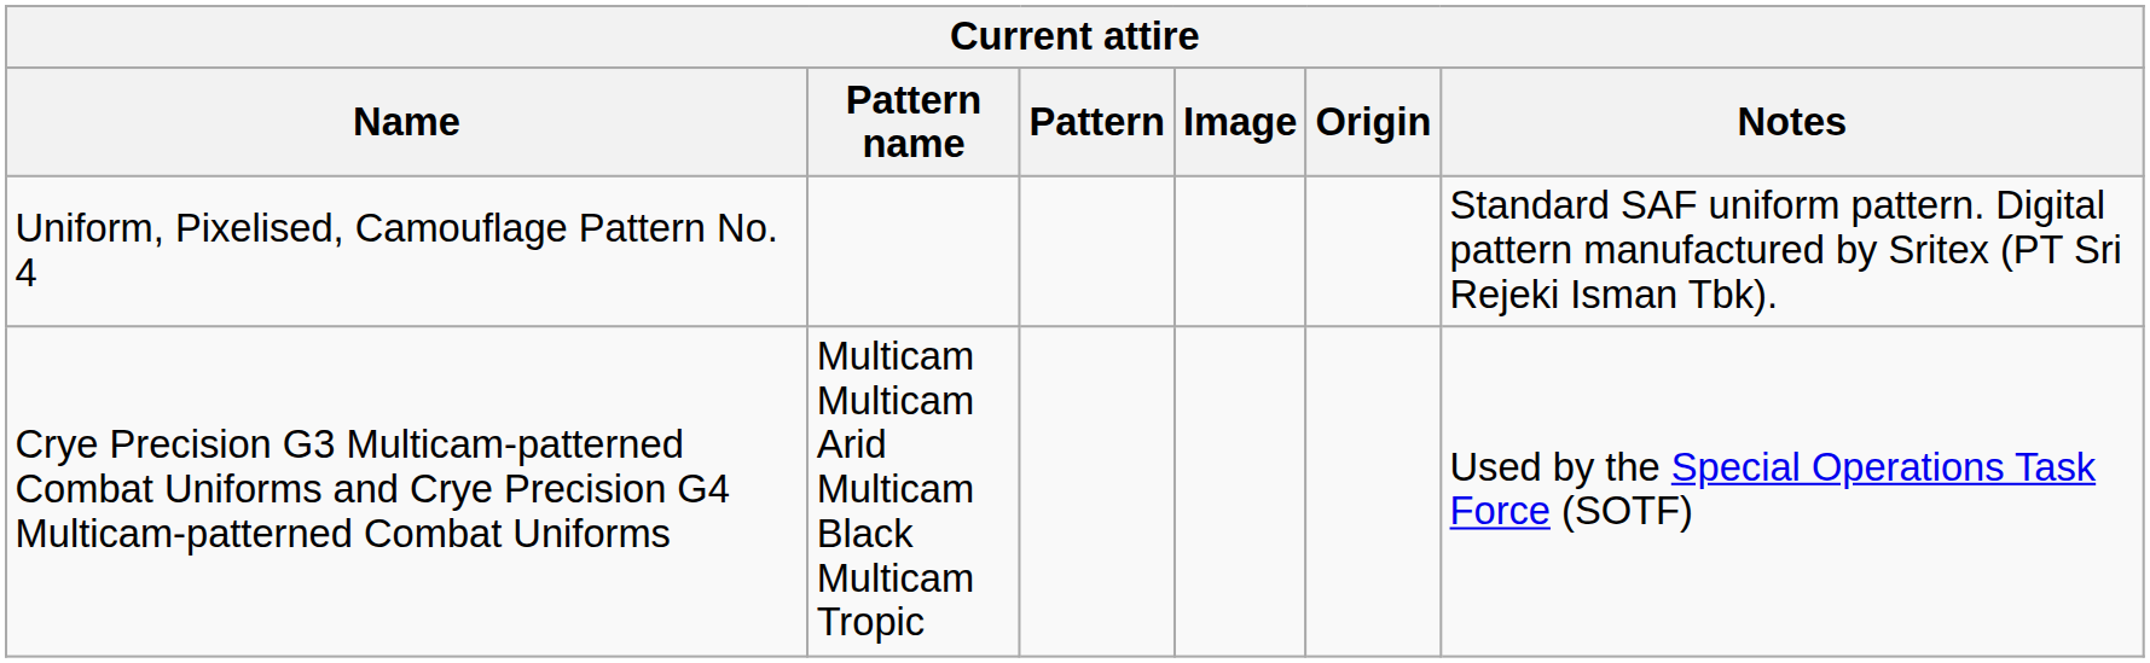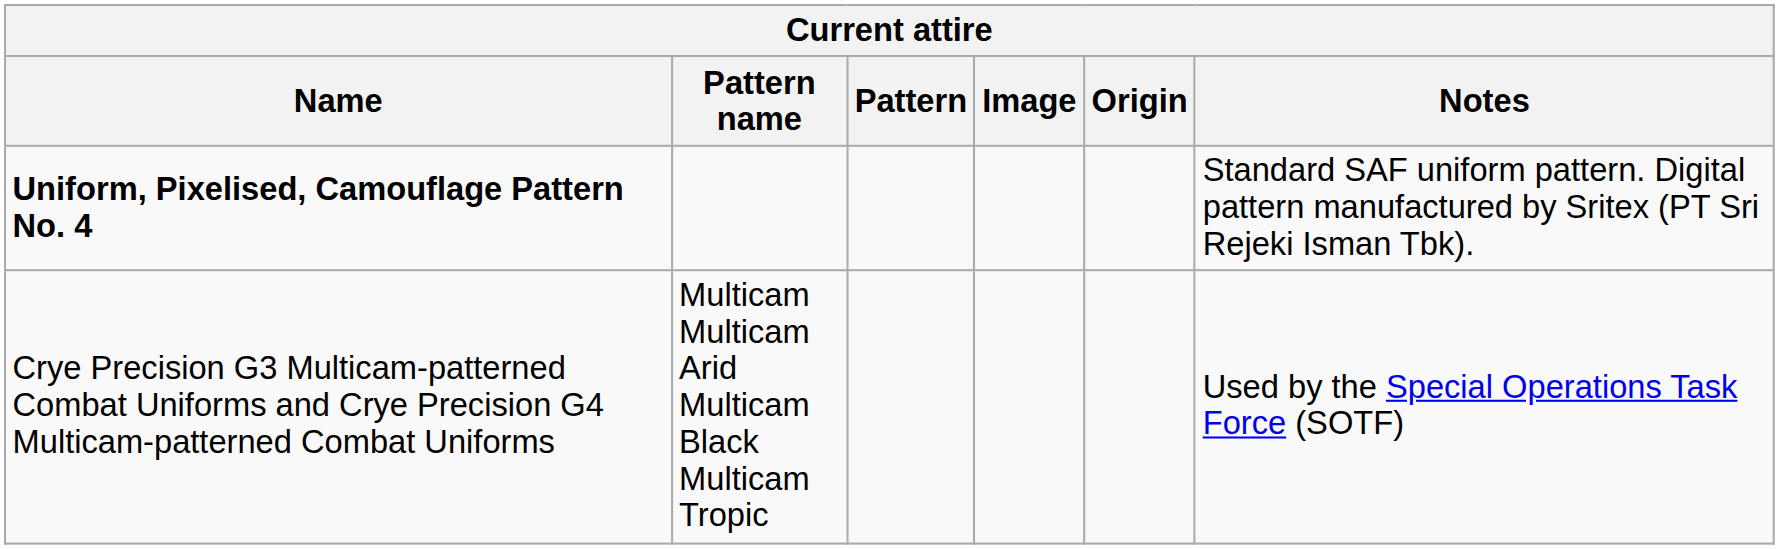 <table class="wikitable">
 <tr>
 <th colspan="7">Current attire</th>
 </tr>
 <tr>
 <th>Name</th>
 <th>Pattern name</th>
 <th>Pattern</th>
 <th>Image</th>
 <th>Origin</th>
 <th>Notes</th>
 </tr>
 <tr>
-<td>Uniform, Pixelised, Camouflage Pattern No. 4</td>
+<td><strong>Uniform, Pixelised, Camouflage Pattern No. 4</strong></td>
 <td></td>
 <td></td>
 <td></td>
 <td></td>
 <td>Standard SAF uniform pattern. Digital pattern manufactured by Sritex (PT Sri Rejeki Isman Tbk).</td>
 </tr>
 <tr>
 <td>Crye Precision G3 Multicam-patterned Combat Uniforms and Crye Precision G4 Multicam-patterned Combat Uniforms</td>
 <td>Multicam<br>Multicam Arid<br>Multicam Black<br>Multicam Tropic</td>
 <td></td>
 <td></td>
 <td></td>
 <td>Used by the <a href='#'>Special Operations Task Force</a> (SOTF)</td>
 </tr>
 </table>
